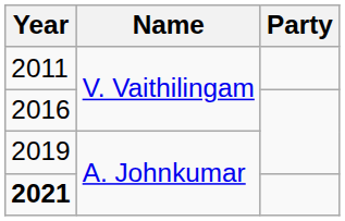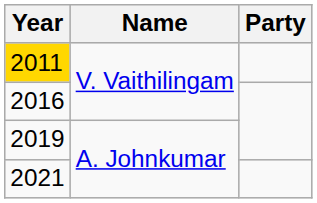 <table class="wikitable sortable">
 <tr>
 <th>Year</th>
 <th>Name</th>
 <th colspan="2">Party</th>
 </tr>
 <tr>
-<td>2011</td>
+<td style="background: gold;">2011</td>
 <td rowspan="2"><a href='#'>V. Vaithilingam</a></td>
 <td></td>
 </tr>
 <tr>
 <td>2016</td>
 </tr>
 <tr>
 <td>2019</td>
 <td rowspan=2><a href='#'>A. Johnkumar</a></td>
 </tr>
 <tr>
-<td><strong>2021</strong></td>
+<td>2021</td>
 <td></td>
 </tr>
 </table>
